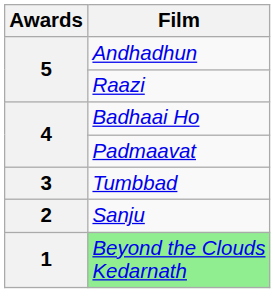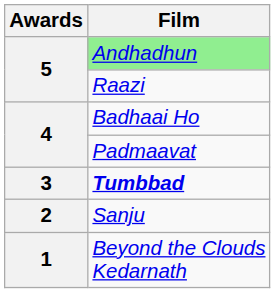 <table class="wikitable">
 <tr>
 <th>Awards</th>
 <th>Film</th>
 </tr>
 <tr>
 <th scope=row rowspan=2>5</th>
-<td><em><a href='#'>Andhadhun</a></em></td>
+<td style="background: lightgreen;"><em><a href='#'>Andhadhun</a></em></td>
 </tr>
 <tr>
 <td><em><a href='#'>Raazi</a></em></td>
 </tr>
 <tr>
 <th scope=row rowspan=2>4</th>
 <td><em><a href='#'>Badhaai Ho</a></em></td>
 </tr>
 <tr>
 <td><em><a href='#'>Padmaavat</a></em></td>
 </tr>
 <tr>
 <th scope=row>3</th>
-<td><em><a href='#'>Tumbbad</a></em></td>
+<td><strong><em><a href='#'>Tumbbad</a></em></strong></td>
 </tr>
 <tr>
 <th scope=row>2</th>
 <td><em><a href='#'>Sanju</a></em></td>
 </tr>
 <tr>
 <th scope=row>1</th>
-<td style="background: lightgreen;"><em><a href='#'>Beyond the Clouds</a></em><br><em><a href='#'>Kedarnath</a></em></td>
+<td><em><a href='#'>Beyond the Clouds</a></em><br><em><a href='#'>Kedarnath</a></em></td>
 </tr>
 </table>
